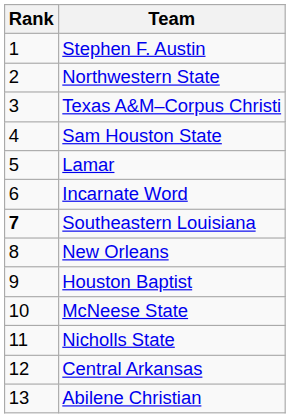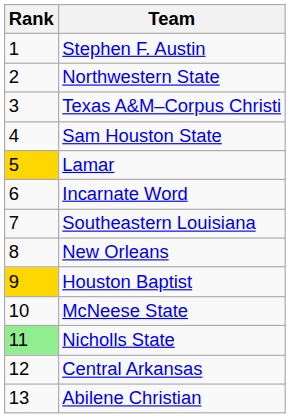 <table class=wikitable>
 <tr>
 <th>Rank</th>
 <th>Team</th>
 </tr>
 <tr>
 <td>1</td>
 <td><a href='#'>Stephen F. Austin</a></td>
 </tr>
 <tr>
 <td>2</td>
 <td><a href='#'>Northwestern State</a></td>
 </tr>
 <tr>
 <td>3</td>
 <td><a href='#'>Texas A&M–Corpus Christi</a></td>
 </tr>
 <tr>
 <td>4</td>
 <td><a href='#'>Sam Houston State</a></td>
 </tr>
 <tr>
-<td>5</td>
+<td style="background: gold;">5</td>
 <td><a href='#'>Lamar</a></td>
 </tr>
 <tr>
 <td>6</td>
 <td><a href='#'>Incarnate Word</a></td>
 </tr>
 <tr>
-<td><strong>7</strong></td>
+<td>7</td>
 <td><a href='#'>Southeastern Louisiana</a></td>
 </tr>
 <tr>
 <td>8</td>
 <td><a href='#'>New Orleans</a></td>
 </tr>
 <tr>
-<td>9</td>
+<td style="background: gold;">9</td>
 <td><a href='#'>Houston Baptist</a></td>
 </tr>
 <tr>
 <td>10</td>
 <td><a href='#'>McNeese State</a></td>
 </tr>
 <tr>
-<td>11</td>
+<td style="background: lightgreen;">11</td>
 <td><a href='#'>Nicholls State</a></td>
 </tr>
 <tr>
 <td>12</td>
 <td><a href='#'>Central Arkansas</a></td>
 </tr>
 <tr>
 <td>13</td>
 <td><a href='#'>Abilene Christian</a></td>
 </tr>
 </table>
